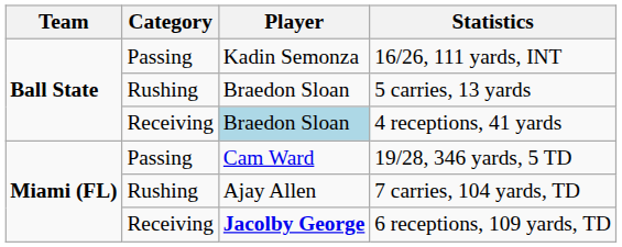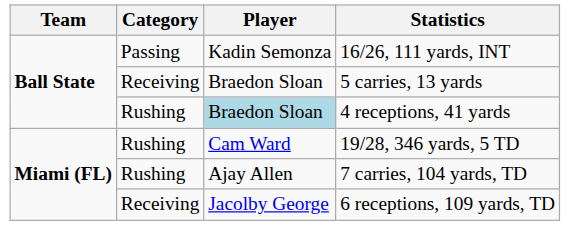 <table class="wikitable" style="float: right;">
 <tr>
 <th>Team</th>
 <th>Category</th>
 <th>Player</th>
 <th>Statistics</th>
 </tr>
 <tr>
 <td rowspan=3><strong>Ball State</strong></td>
 <td>Passing</td>
 <td>Kadin Semonza</td>
 <td>16/26, 111 yards, INT</td>
 </tr>
 <tr>
-<td>Rushing</td>
+<td>Receiving</td>
 <td>Braedon Sloan</td>
 <td>5 carries, 13 yards</td>
 </tr>
 <tr>
-<td>Receiving</td>
+<td>Rushing</td>
 <td style="background: lightblue;">Braedon Sloan</td>
 <td>4 receptions, 41 yards</td>
 </tr>
 <tr>
 <td rowspan=3><strong>Miami (FL)</strong></td>
-<td>Passing</td>
+<td>Rushing</td>
 <td><a href='#'>Cam Ward</a></td>
 <td>19/28, 346 yards, 5 TD</td>
 </tr>
 <tr>
 <td>Rushing</td>
 <td>Ajay Allen</td>
 <td>7 carries, 104 yards, TD</td>
 </tr>
 <tr>
 <td>Receiving</td>
-<td><strong><a href='#'>Jacolby George</a></strong></td>
+<td><a href='#'>Jacolby George</a></td>
 <td>6 receptions, 109 yards, TD</td>
 </tr>
 </table>
